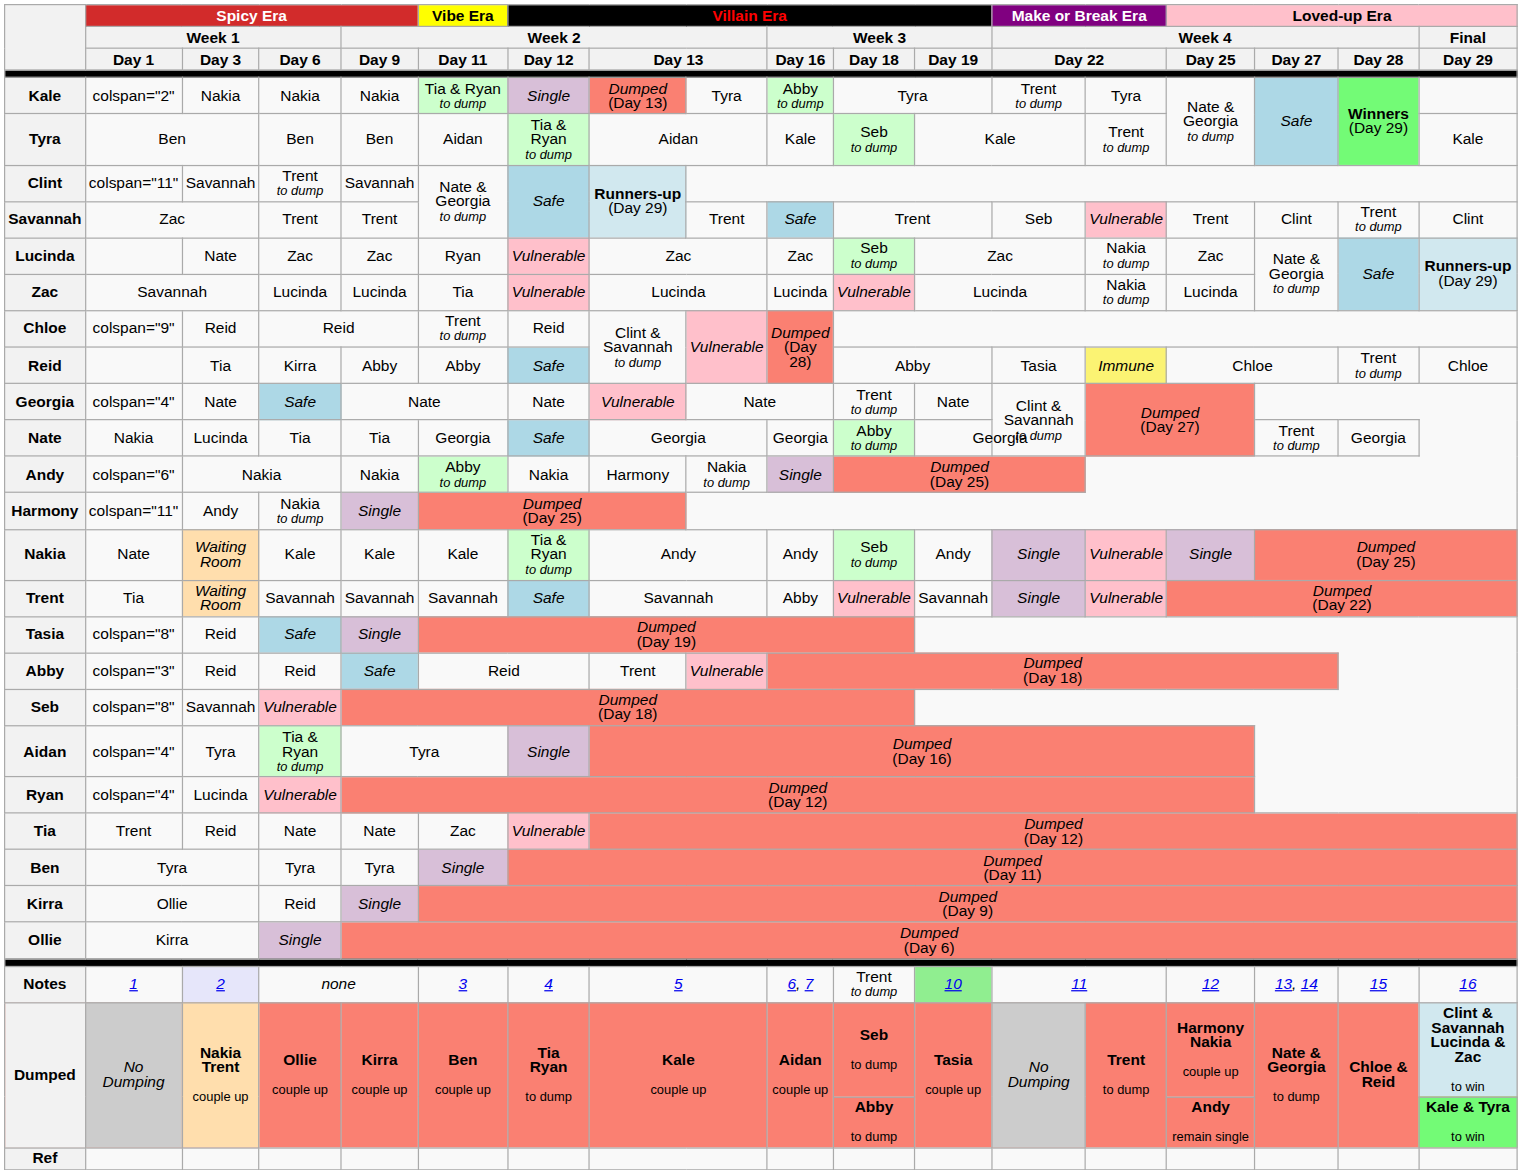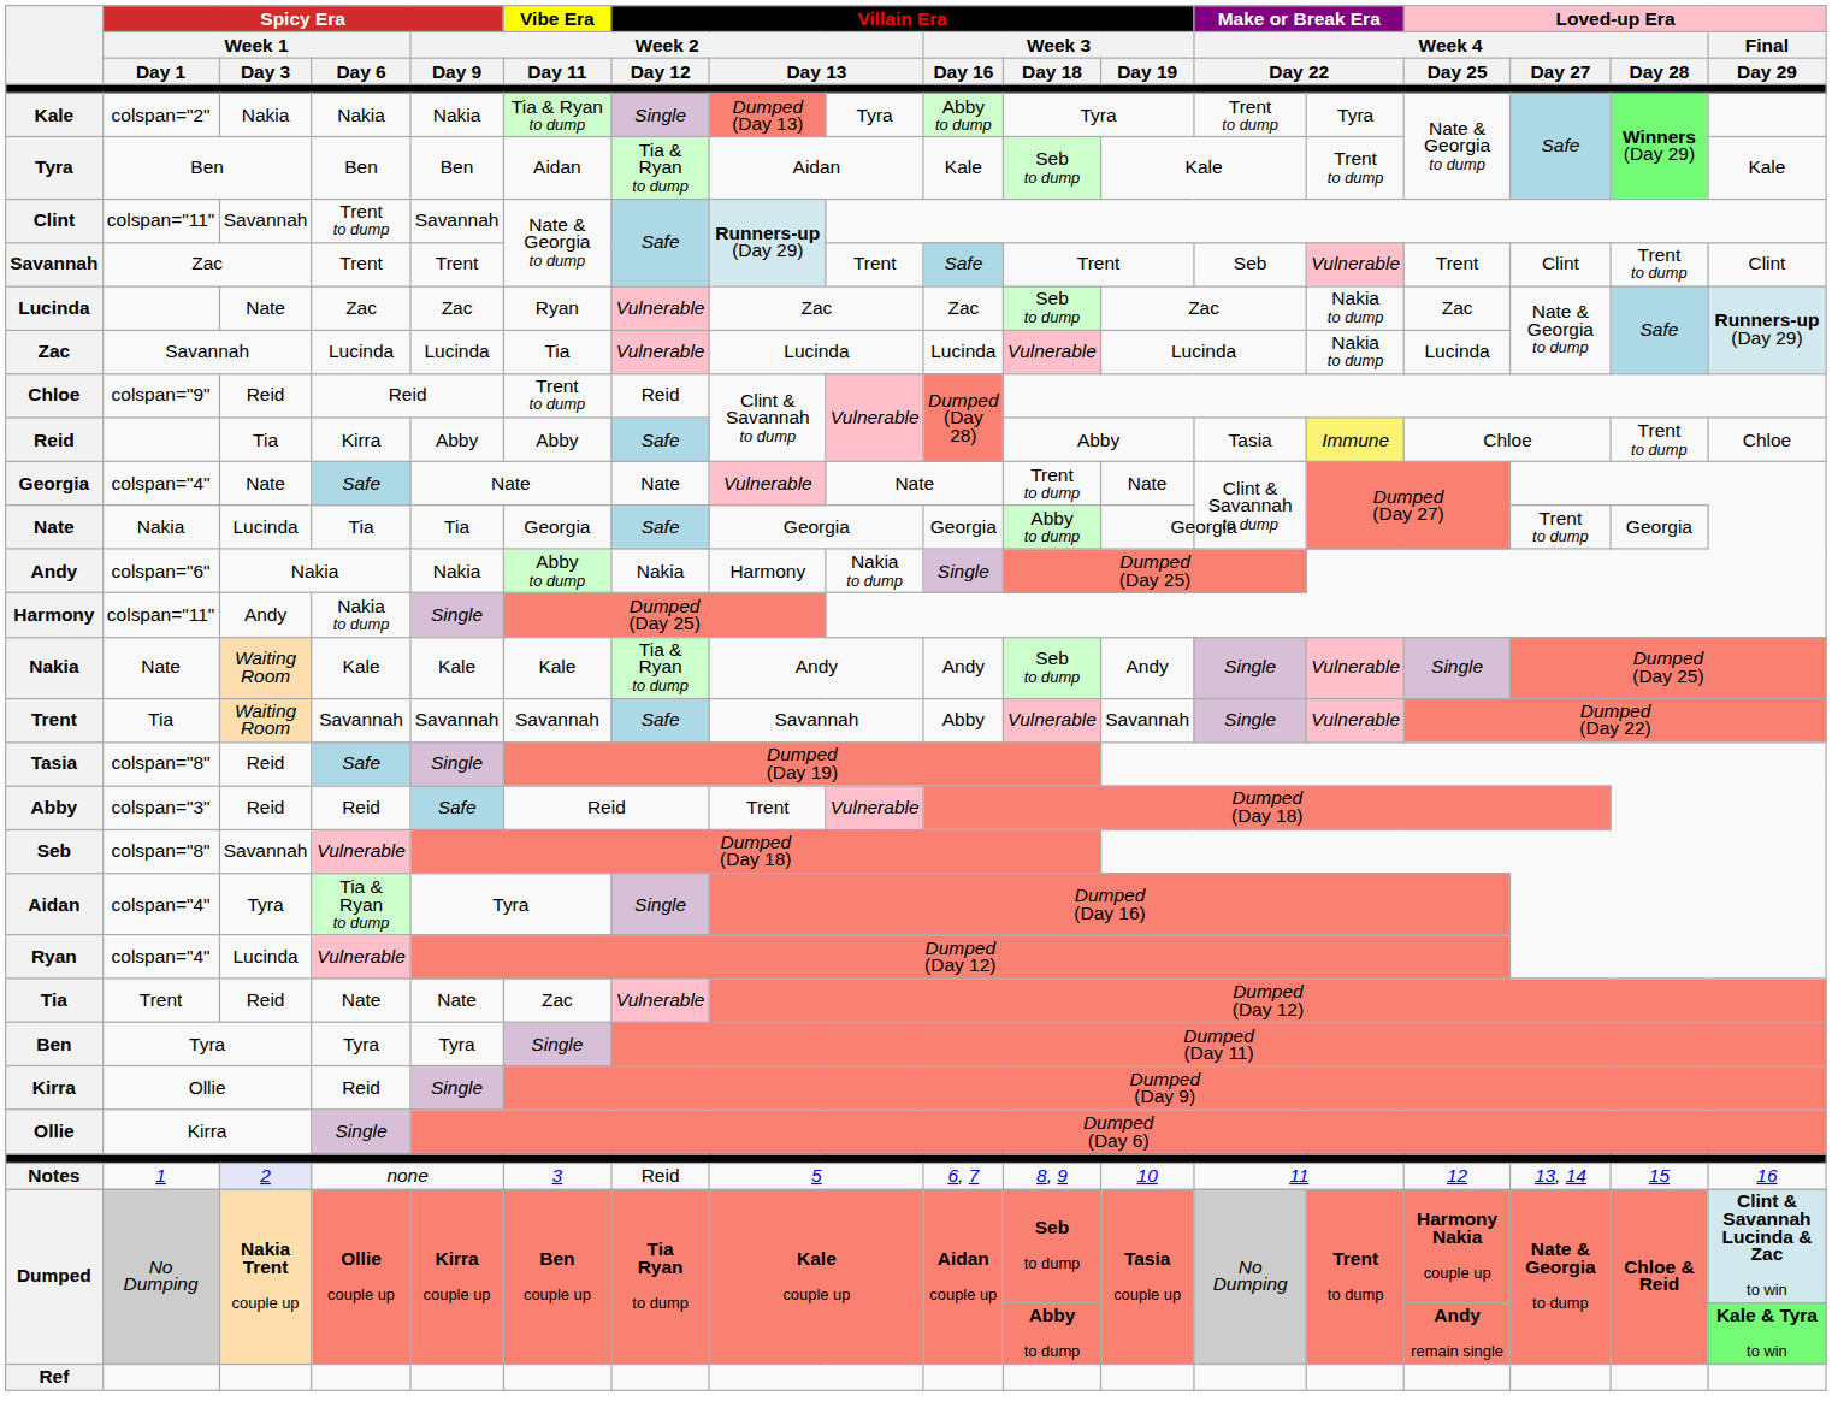 <table class="wikitable" style="text-align:center; font-size:80%; line-height:12px;">
 <tr>
 <th rowspan="3"></th>
 <th colspan="4" style="background:#D22B2B; color:white">Spicy Era</th>
 <th style="background:yellow; color:black">Vibe Era</th>
 <th colspan="6" style="background:black; color:red">Villain Era</th>
 <th colspan="2" style="background:purple; color:white">Make or Break Era</th>
 <th colspan="4" style="background:pink; ">Loved-up Era</th>
 </tr>
 <tr>
 <th colspan="3">Week 1</th>
 <th colspan="5">Week 2</th>
 <th colspan="3">Week 3</th>
 <th colspan="5">Week 4</th>
 <th>Final</th>
 </tr>
 <tr>
 <th>Day 1</th>
 <th>Day 3</th>
 <th>Day 6</th>
 <th>Day 9</th>
 <th>Day 11</th>
 <th>Day 12</th>
 <th colspan="2">Day 13</th>
 <th>Day 16</th>
 <th>Day 18</th>
 <th>Day 19</th>
 <th colspan="2">Day 22</th>
 <th>Day 25</th>
 <th>Day 27</th>
 <th>Day 28</th>
 <th>Day 29</th>
 </tr>
 <tr>
 <th colspan="18" style="background:#000"></th>
 </tr>
 <tr>
 <th>Kale</th>
 <td>colspan="2" </td>
 <td>Nakia</td>
 <td>Nakia</td>
 <td>Nakia</td>
 <td style="background:#cfc;">Tia & Ryan<br><small><em>to dump</em></small></td>
 <td bgcolor="thistle"><em>Single</em></td>
 <td style="background:salmon;"><em>Dumped</em><br>(Day 13)</td>
 <td>Tyra</td>
 <td style="background:#cfc">Abby<br><small><em>to dump</em></small></td>
 <td colspan="2">Tyra</td>
 <td>Trent<br><small><em>to dump</em></small></td>
 <td>Tyra</td>
 <td rowspan="2">Nate & Georgia<br><small><em>to dump</em></small></td>
 <td rowspan="2" style="background:lightblue"><em>Safe</em></td>
 <td rowspan="2" style="background:#73FB76"><strong>Winners</strong><br>(Day 29)</td>
 </tr>
 <tr>
 <th>Tyra</th>
 <td colspan="2">Ben</td>
 <td>Ben</td>
 <td>Ben</td>
 <td>Aidan</td>
 <td style="background:#cfc;">Tia & Ryan<br><small><em>to dump</em></small></td>
 <td colspan="2">Aidan</td>
 <td>Kale</td>
 <td style="background:#cfc">Seb<br><small><em>to dump</em></small></td>
 <td colspan="2">Kale</td>
 <td>Trent<br><small><em>to dump</em></small></td>
 <td>Kale</td>
 </tr>
 <tr>
 <th>Clint</th>
 <td>colspan="11" </td>
 <td>Savannah</td>
 <td>Trent<br><small><em>to dump</em></small></td>
 <td>Savannah</td>
 <td rowspan="2">Nate & Georgia<br><small><em>to dump</em></small></td>
 <td rowspan="2" style="background:lightblue"><em>Safe</em></td>
 <td rowspan="2" style="background:#D1E8EF"><strong>Runners-up</strong><br>(Day 29)</td>
 </tr>
 <tr>
 <th>Savannah</th>
 <td colspan="2">Zac</td>
 <td>Trent</td>
 <td>Trent</td>
 <td>Trent</td>
 <td style="background:lightblue"><em>Safe</em></td>
 <td colspan="2">Trent</td>
 <td>Seb</td>
 <td style="background:pink"><em>Vulnerable</em></td>
 <td>Trent</td>
 <td>Clint</td>
 <td>Trent<br><small><em>to dump</em></small></td>
 <td>Clint</td>
 </tr>
 <tr>
 <th>Lucinda</th>
 <td></td>
 <td>Nate</td>
 <td>Zac</td>
 <td>Zac</td>
 <td>Ryan</td>
 <td style="background:pink"><em>Vulnerable</em></td>
 <td colspan="2">Zac</td>
 <td>Zac</td>
 <td style="background:#cfc">Seb<br><small><em>to dump</em></small></td>
 <td colspan="2">Zac</td>
 <td>Nakia<br><small><em>to dump</em></small></td>
 <td>Zac</td>
 <td rowspan="2">Nate & Georgia<br><small><em>to dump</em></small></td>
 <td rowspan="2" style="background:lightblue"><em>Safe</em></td>
 <td rowspan="2" style="background:#D1E8EF"><strong>Runners-up</strong><br>(Day 29)</td>
 </tr>
 <tr>
 <th>Zac</th>
 <td colspan="2">Savannah</td>
 <td>Lucinda</td>
 <td>Lucinda</td>
 <td>Tia</td>
 <td style="background:pink"><em>Vulnerable</em></td>
 <td colspan="2">Lucinda</td>
 <td>Lucinda</td>
 <td style="background:pink"><em>Vulnerable</em></td>
 <td colspan="2">Lucinda</td>
 <td>Nakia<br><small><em>to dump</em></small></td>
 <td>Lucinda</td>
 </tr>
 <tr>
 <th>Chloe</th>
 <td>colspan="9" </td>
 <td>Reid</td>
 <td colspan="2">Reid</td>
 <td>Trent<br><small><em>to dump</em></small></td>
 <td>Reid</td>
 <td rowspan="2">Clint & Savannah<br><small><em>to dump</em></small></td>
 <td rowspan="2"  style="background:pink"><em>Vulnerable</em></td>
 <td rowspan="2" style="background:salmon;"><em>Dumped</em><br>(Day 28)</td>
 </tr>
 <tr>
 <th>Reid</th>
 <td></td>
 <td>Tia</td>
 <td>Kirra</td>
 <td>Abby</td>
 <td>Abby</td>
 <td style="background:lightblue"><em>Safe</em></td>
 <td colspan="2">Abby</td>
 <td>Tasia</td>
 <td style="background:#FBF373;"><em>Immune</em></td>
 <td colspan="2">Chloe</td>
 <td>Trent<br><small><em>to dump</em></small></td>
 <td>Chloe</td>
 </tr>
 <tr>
 <th>Georgia</th>
 <td>colspan="4" </td>
 <td>Nate</td>
 <td style="background:lightblue"><em>Safe</em></td>
 <td colspan="2">Nate</td>
 <td>Nate</td>
 <td style="background:pink"><em>Vulnerable</em></td>
 <td colspan="2">Nate</td>
 <td>Trent<br><small><em>to dump</em></small></td>
 <td>Nate</td>
 <td rowspan="2">Clint & Savannah<br><small><em>to dump</em></small></td>
 <td colspan="2" rowspan="2" style="background:salmon;"><em>Dumped</em><br>(Day 27)</td>
 </tr>
 <tr>
 <th>Nate</th>
 <td>Nakia</td>
 <td>Lucinda</td>
 <td>Tia</td>
 <td>Tia</td>
 <td>Georgia</td>
 <td style="background:lightblue"><em>Safe</em></td>
 <td colspan="2">Georgia</td>
 <td>Georgia</td>
 <td style="background:#cfc">Abby<br><small><em>to dump</em></small></td>
 <td colspan="2">Georgia</td>
 <td>Trent<br><small><em>to dump</em></small></td>
 <td>Georgia</td>
 </tr>
 <tr>
 <th>Andy</th>
 <td>colspan="6" </td>
 <td colspan="2">Nakia</td>
 <td>Nakia</td>
 <td style="background:#cfc">Abby<br><small><em>to dump</em></small></td>
 <td>Nakia</td>
 <td>Harmony</td>
 <td>Nakia<br><small><em>to dump</em></small></td>
 <td bgcolor="thistle"><em>Single</em></td>
 <td colspan="3" style="background:salmon;"><em>Dumped</em><br>(Day 25)</td>
 </tr>
 <tr>
 <th>Harmony</th>
 <td>colspan="11" </td>
 <td>Andy</td>
 <td>Nakia<br><small><em>to dump</em></small></td>
 <td bgcolor="thistle"><em>Single</em></td>
 <td colspan="3" style="background:salmon;"><em>Dumped</em><br>(Day 25)</td>
 </tr>
 <tr>
 <th>Nakia</th>
 <td>Nate</td>
 <td bgcolor="navajowhite"><em>Waiting<br>Room</em></td>
 <td>Kale</td>
 <td>Kale</td>
 <td>Kale</td>
 <td style="background:#cfc;">Tia & Ryan<br><small><em>to dump</em></small></td>
 <td colspan="2">Andy</td>
 <td>Andy</td>
 <td style="background:#cfc">Seb<br><small><em>to dump</em></small></td>
 <td>Andy</td>
 <td bgcolor="thistle"><em>Single</em></td>
 <td style="background:pink"><em>Vulnerable</em></td>
 <td bgcolor="thistle"><em>Single</em></td>
 <td colspan="3" style="background:salmon;"><em>Dumped</em><br>(Day 25)</td>
 </tr>
 <tr>
 <th>Trent</th>
 <td>Tia</td>
 <td bgcolor="navajowhite"><em>Waiting<br>Room</em></td>
 <td>Savannah</td>
 <td>Savannah</td>
 <td>Savannah</td>
 <td style="background:lightblue"><em>Safe</em></td>
 <td colspan="2">Savannah</td>
 <td>Abby</td>
 <td style="background:pink"><em>Vulnerable</em></td>
 <td>Savannah</td>
 <td bgcolor="thistle"><em>Single</em></td>
 <td style="background:pink"><em>Vulnerable</em></td>
 <td colspan="4" style="background:salmon;"><em>Dumped</em><br>(Day 22)</td>
 </tr>
 <tr>
 <th>Tasia</th>
 <td>colspan="8" </td>
 <td>Reid</td>
 <td style="background:lightblue"><em>Safe</em></td>
 <td bgcolor="thistle"><em>Single</em></td>
 <td colspan="6" style="background:salmon;"><em>Dumped</em><br>(Day 19)</td>
 </tr>
 <tr>
 <th>Abby</th>
 <td>colspan="3" </td>
 <td>Reid</td>
 <td>Reid</td>
 <td style="background:lightblue"><em>Safe</em></td>
 <td colspan="2">Reid</td>
 <td>Trent</td>
 <td style="background:pink"><em>Vulnerable</em></td>
 <td colspan="7" style="background:salmon;"><em>Dumped</em><br>(Day 18)</td>
 </tr>
 <tr>
 <th>Seb</th>
 <td>colspan="8" </td>
 <td>Savannah</td>
 <td style="background:pink"><em>Vulnerable</em></td>
 <td colspan="7" style="background:salmon;"><em>Dumped</em><br>(Day 18)</td>
 </tr>
 <tr>
 <th>Aidan</th>
 <td>colspan="4" </td>
 <td>Tyra</td>
 <td style="background:#cfc;">Tia & Ryan<br><small><em>to dump</em></small></td>
 <td colspan="2">Tyra</td>
 <td bgcolor="thistle"><em>Single</em></td>
 <td colspan="8" style="background:salmon;"><em>Dumped</em><br>(Day 16)</td>
 </tr>
 <tr>
 <th>Ryan</th>
 <td>colspan="4" </td>
 <td>Lucinda</td>
 <td style="background:pink"><em>Vulnerable</em></td>
 <td colspan="11" style="background:salmon;"><em>Dumped</em><br>(Day 12)</td>
 </tr>
 <tr>
 <th>Tia</th>
 <td>Trent</td>
 <td>Reid</td>
 <td>Nate</td>
 <td>Nate</td>
 <td>Zac</td>
 <td style="background:pink"><em>Vulnerable</em></td>
 <td colspan="11" style="background:salmon;"><em>Dumped</em><br>(Day 12)</td>
 </tr>
 <tr>
 <th>Ben</th>
 <td colspan="2">Tyra</td>
 <td>Tyra</td>
 <td>Tyra</td>
 <td bgcolor="thistle"><em>Single</em></td>
 <td colspan="12" style="background:salmon;"><em>Dumped</em><br>(Day 11)</td>
 </tr>
 <tr>
 <th>Kirra</th>
 <td colspan="2">Ollie</td>
 <td>Reid</td>
 <td bgcolor="thistle"><em>Single</em></td>
 <td colspan="13" style="background:salmon;"><em>Dumped</em><br>(Day 9)</td>
 </tr>
 <tr>
 <th>Ollie</th>
 <td colspan="2">Kirra</td>
 <td bgcolor="thistle"><em>Single</em></td>
 <td colspan="14" style="background:salmon;"><em>Dumped</em><br>(Day 6)</td>
 </tr>
 <tr>
 <th colspan="18" style="background:#000"></th>
 </tr>
 <tr>
 <th>Notes</th>
 <td><em><a href='#'>1</a></em></td>
 <td style="background: lavender;"><em><a href='#'>2</a></em></td>
 <td colspan="2"><em>none</em></td>
 <td><em><a href='#'>3</a></em></td>
-<td><em><a href='#'>4</a></em></td>
+<td>Reid</td>
 <td colspan="2"><em><a href='#'>5</a></em></td>
 <td><em><a href='#'>6</a>, <a href='#'>7</a></em></td>
-<td>Trent<br><small><em>to dump</em></small></td>
-<td style="background: lightgreen;"><em><a href='#'>10</a></em></td>
+<td><em><a href='#'>8</a>, <a href='#'>9</a></em></td>
+<td><em><a href='#'>10</a></em></td>
 <td colspan="2"><em><a href='#'>11</a></em></td>
 <td><em><a href='#'>12</a></em></td>
 <td><em><a href='#'>13</a>, <a href='#'>14</a></em></td>
 <td><em><a href='#'>15</a></em></td>
 <td><em><a href='#'>16</a></em></td>
 </tr>
 <tr style="background:salmon;" |>
 <th rowspan="2">Dumped</th>
 <td rowspan="2" style="background:#ccc"><em>No<br>Dumping</em></td>
 <td rowspan="2" bgcolor="navajowhite"><strong>Nakia<br>Trent</strong><br><small><br>couple up</small></td>
 <td rowspan="2"><strong>Ollie</strong><br><small><br>couple up</small></td>
 <td rowspan="2"><strong>Kirra</strong><br><small><br>couple up</small></td>
 <td rowspan="2"><strong>Ben</strong><br><small><br>couple up</small></td>
 <td rowspan="2"><strong>Tia<br>Ryan</strong><br><small><br>to dump</small></td>
 <td colspan="2" rowspan="2"><strong>Kale</strong><br><small><br>couple up</small></td>
 <td rowspan="2"><strong>Aidan</strong><br><small><br>couple up</small></td>
 <td><strong>Seb</strong><br><small><br>to dump</small></td>
 <td rowspan="2"><strong>Tasia</strong><br><small><br>couple up</small></td>
 <td rowspan="2" style="background:#ccc"><em>No<br>Dumping</em></td>
 <td rowspan="2"><strong>Trent</strong><br><small><br>to dump</small></td>
 <td><strong>Harmony<br>Nakia</strong><small><br></small><br><small>couple up</small></td>
 <td rowspan="2"><strong>Nate & Georgia</strong><br><small><br>to dump</small></td>
 <td rowspan="2"><strong>Chloe & Reid</strong><br><small></small></td>
 <td style="background:#D1E8EF"><strong>Clint & Savannah<br>Lucinda & Zac</strong><br><small><br>to win</small></td>
 </tr>
 <tr style="background:salmon;" |>
 <td><strong>Abby</strong><br><small><br>to dump</small></td>
 <td><strong>Andy</strong><br><small><br>remain single</small></td>
 <td style="background:#73FB76"><strong>Kale & Tyra</strong><br><small><br>to win</small></td>
 </tr>
 <tr>
 <th>Ref</th>
 <td></td>
 <td></td>
 <td></td>
 <td></td>
 <td></td>
 <td></td>
 <td colspan="2"></td>
 <td></td>
 <td></td>
 <td></td>
 <td></td>
 <td></td>
 <td></td>
 <td></td>
 <td></td>
 <td></td>
 </tr>
 </table>
